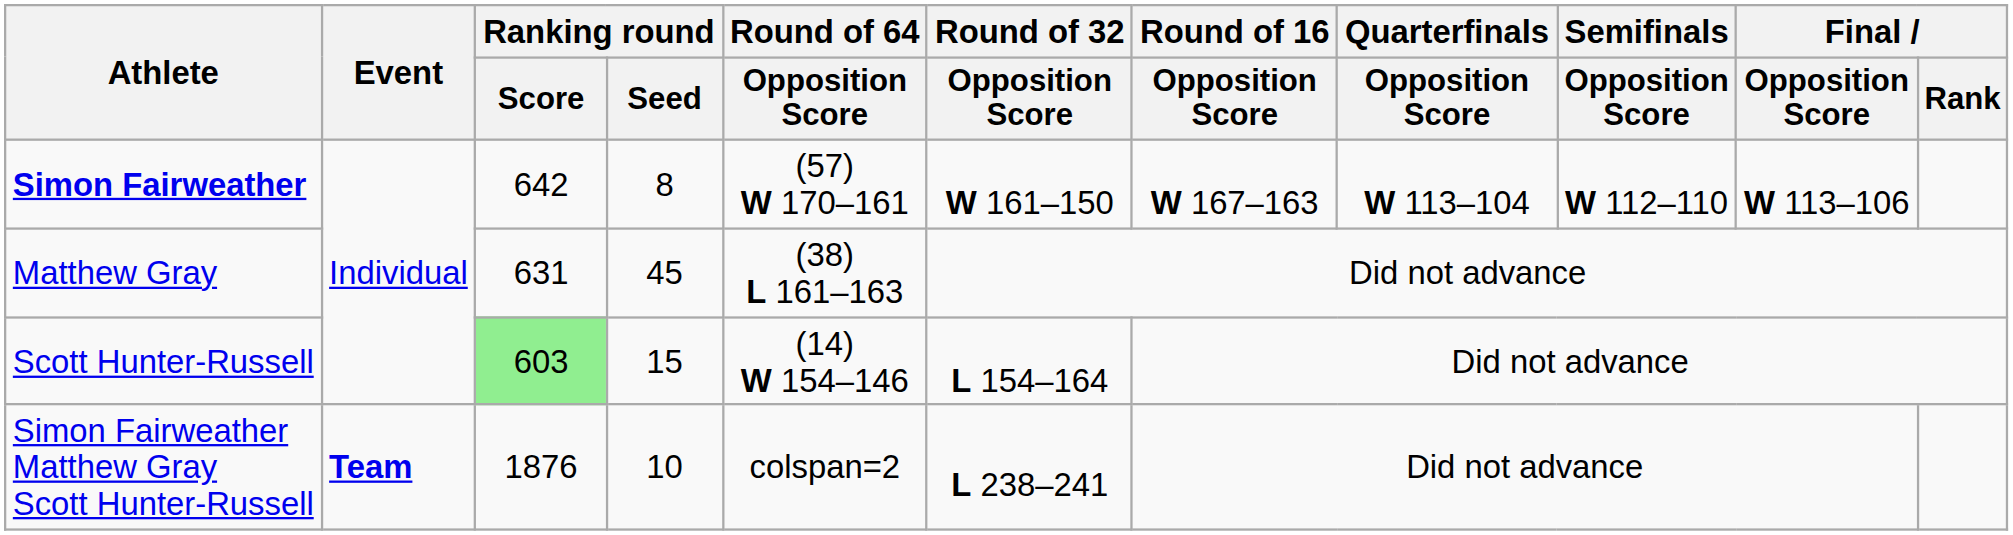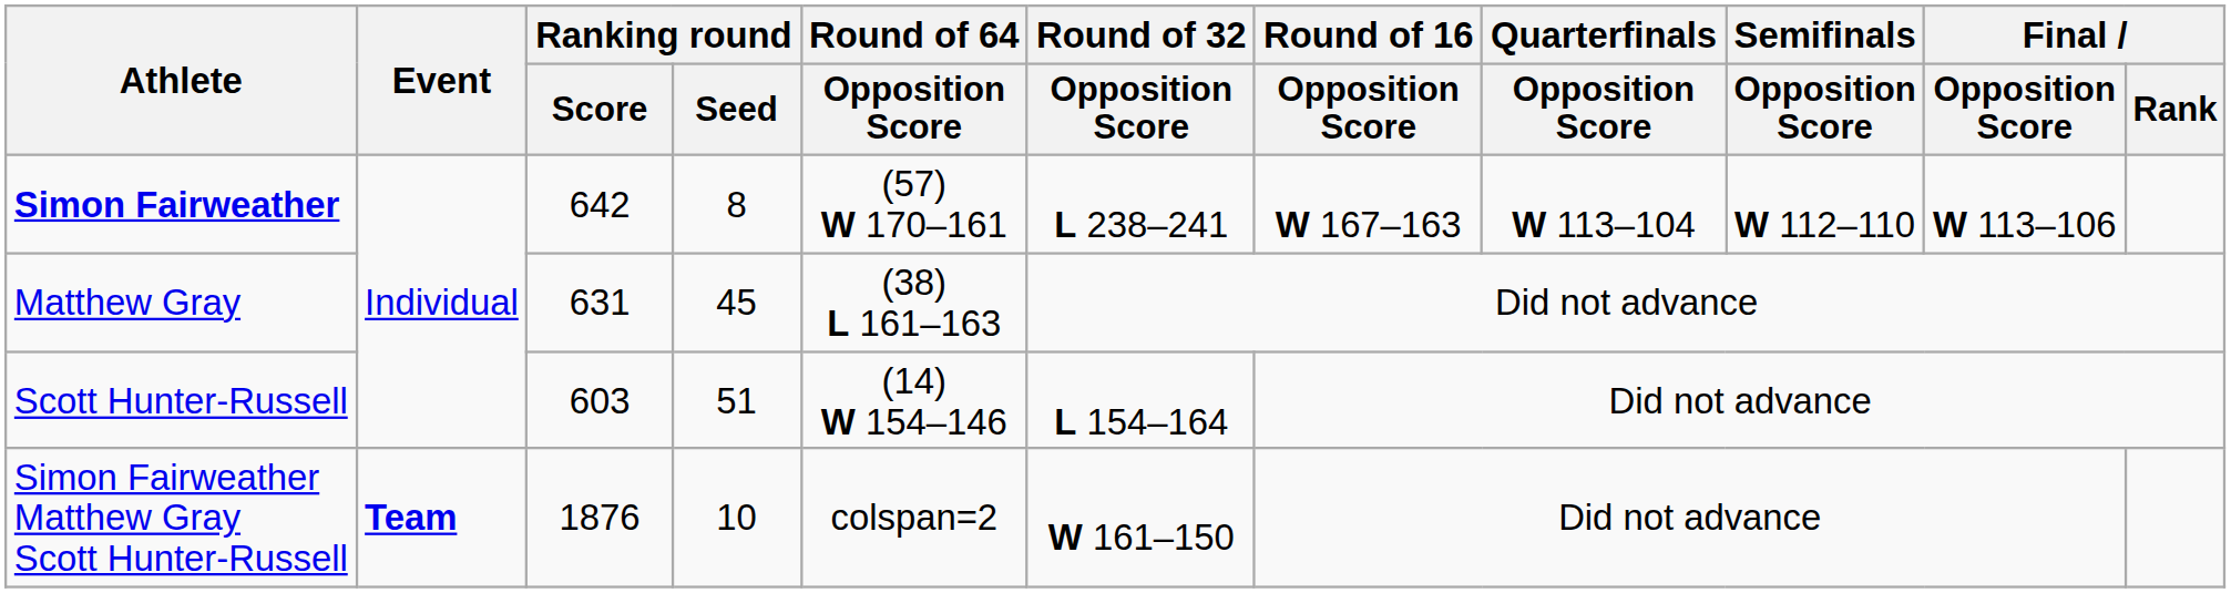 <table class="wikitable" style="font-size:90%">
 <tr>
 <th rowspan="2">Athlete</th>
 <th rowspan="2">Event</th>
 <th colspan="2">Ranking round</th>
 <th>Round of 64</th>
 <th>Round of 32</th>
 <th>Round of 16</th>
 <th>Quarterfinals</th>
 <th>Semifinals</th>
 <th colspan="2">Final / </th>
 </tr>
 <tr style="font-size:95%">
 <th>Score</th>
 <th>Seed</th>
 <th>Opposition<br>Score</th>
 <th>Opposition<br>Score</th>
 <th>Opposition<br>Score</th>
 <th>Opposition<br>Score</th>
 <th>Opposition<br>Score</th>
 <th>Opposition<br>Score</th>
 <th>Rank</th>
 </tr>
 <tr align=center>
 <td align=left><strong><a href='#'>Simon Fairweather</a></strong></td>
 <td align=left rowspan=3><a href='#'>Individual</a></td>
 <td>642</td>
 <td>8</td>
 <td> (57)<br><strong>W</strong> 170–161</td>
-<td> <br><strong>W</strong> 161–150</td>
+<td><br><strong>L</strong> 238–241</td>
 <td> <br><strong>W</strong> 167–163</td>
 <td> <br><strong>W</strong> 113–104</td>
 <td> <br><strong>W</strong> 112–110</td>
 <td> <br><strong>W</strong> 113–106</td>
 <td></td>
 </tr>
 <tr align=center>
 <td align=left><a href='#'>Matthew Gray</a></td>
 <td>631</td>
 <td>45</td>
 <td> (38)<br><strong>L</strong> 161–163</td>
 <td colspan="6">Did not advance</td>
 </tr>
 <tr align=center>
 <td align=left><a href='#'>Scott Hunter-Russell</a></td>
-<td style="background: lightgreen;">603</td>
-<td>15</td>
+<td>603</td>
+<td>51</td>
 <td> (14)<br><strong>W</strong> 154–146</td>
 <td><br><strong>L</strong> 154–164</td>
 <td colspan="6">Did not advance</td>
 </tr>
 <tr align=center>
 <td align=left><a href='#'>Simon Fairweather</a><br><a href='#'>Matthew Gray</a><br><a href='#'>Scott Hunter-Russell</a></td>
 <td align=left><strong><a href='#'>Team</a></strong></td>
 <td>1876</td>
 <td>10</td>
 <td>colspan=2 </td>
-<td><br><strong>L</strong> 238–241</td>
+<td> <br><strong>W</strong> 161–150</td>
 <td colspan=4>Did not advance</td>
 </tr>
 </table>
